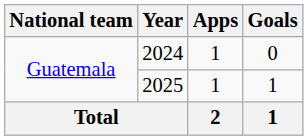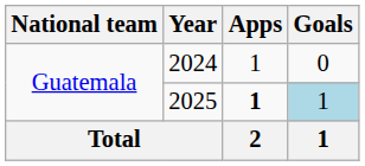 <table class="wikitable" style="text-align:center">
 <tr>
 <th>National team</th>
 <th>Year</th>
 <th>Apps</th>
 <th>Goals</th>
 </tr>
 <tr>
 <td rowspan="2"><a href='#'>Guatemala</a></td>
 <td>2024</td>
 <td>1</td>
 <td>0</td>
 </tr>
 <tr>
 <td>2025</td>
-<td>1</td>
-<td>1</td>
+<td><strong>1</strong></td>
+<td style="background: lightblue;">1</td>
 </tr>
 <tr>
 <th colspan="2">Total</th>
 <th>2</th>
 <th>1</th>
 </tr>
 </table>
